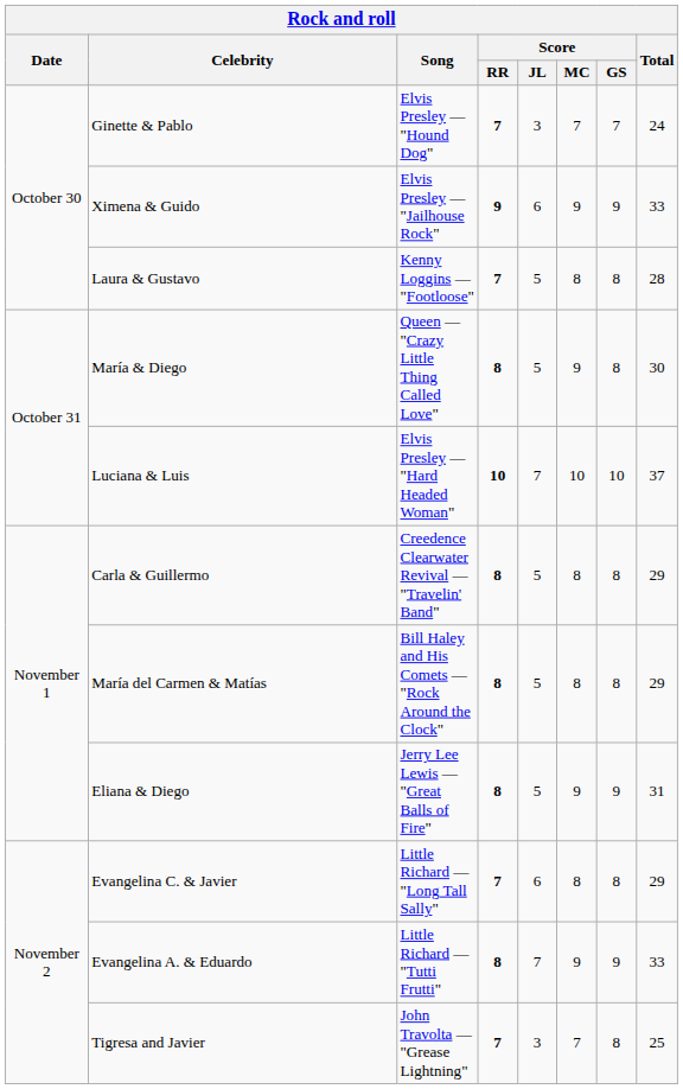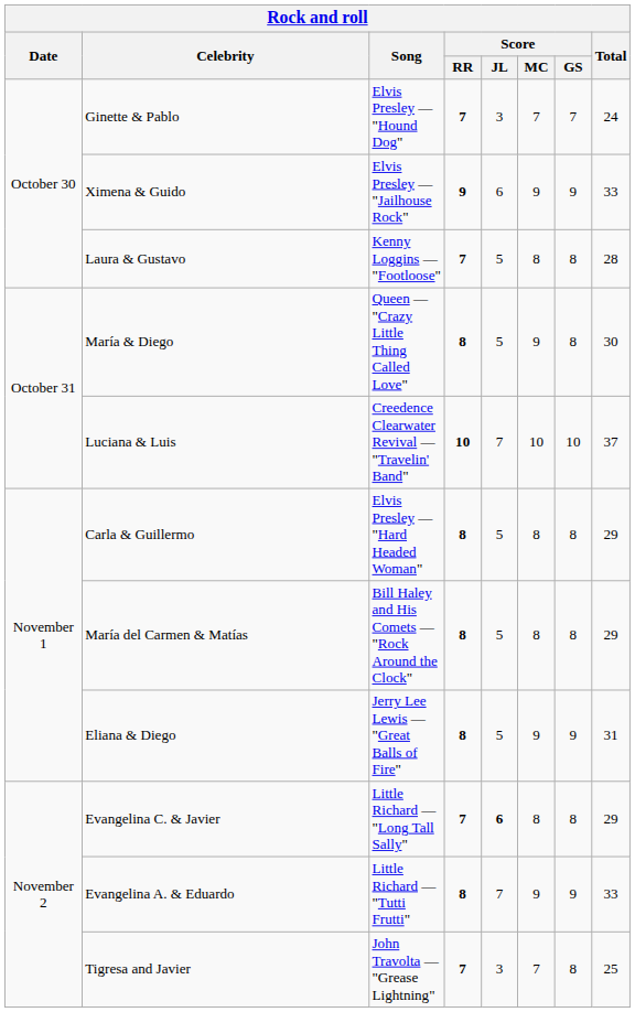 <table class="wikitable collapsible collapsed" style="font-size:90%; text-align: center; width: 100%;">
 <tr>
 <th colspan="11" style="with: 95%;"><big><a href='#'>Rock and roll</a></big></th>
 </tr>
 <tr>
 <th width=70 rowspan="2">Date</th>
 <th width=280 rowspan="2">Celebrity</th>
 <th rowspan="2">Song</th>
 <th colspan="4">Score</th>
 <th rowspan="2">Total</th>
 </tr>
 <tr>
 <th width=30>RR</th>
 <th width=30>JL</th>
 <th width=30>MC</th>
 <th width=30>GS</th>
 </tr>
 <tr>
 <td rowspan="3">October 30</td>
 <td style="text-align:left;">Ginette & Pablo</td>
 <td style="text-align:left;"><a href='#'>Elvis Presley</a> — "<a href='#'>Hound Dog</a>"</td>
 <td><strong>7</strong></td>
 <td>3</td>
 <td>7</td>
 <td>7</td>
 <td>24</td>
 </tr>
 <tr>
 <td style="text-align:left;">Ximena & Guido</td>
 <td style="text-align:left;"><a href='#'>Elvis Presley</a> — "<a href='#'>Jailhouse Rock</a>"</td>
 <td><strong>9</strong></td>
 <td>6</td>
 <td>9</td>
 <td>9</td>
 <td>33</td>
 </tr>
 <tr>
 <td style="text-align:left;">Laura & Gustavo</td>
 <td style="text-align:left;"><a href='#'>Kenny Loggins</a> — "<a href='#'>Footloose</a>"</td>
 <td><strong>7</strong></td>
 <td>5</td>
 <td>8</td>
 <td>8</td>
 <td>28</td>
 </tr>
 <tr>
 <td rowspan="2">October 31</td>
 <td style="text-align:left;">María & Diego</td>
 <td style="text-align:left;"><a href='#'>Queen</a> — "<a href='#'>Crazy Little Thing Called Love</a>"</td>
 <td><strong>8</strong></td>
 <td>5</td>
 <td>9</td>
 <td>8</td>
 <td>30</td>
 </tr>
 <tr>
 <td style="text-align:left;">Luciana & Luis</td>
-<td style="text-align:left;"><a href='#'>Elvis Presley</a> — "<a href='#'>Hard Headed Woman</a>"</td>
+<td style="text-align:left;"><a href='#'>Creedence Clearwater Revival</a> — "<a href='#'>Travelin' Band</a>"</td>
 <td><strong>10</strong></td>
 <td>7</td>
 <td>10</td>
 <td>10</td>
 <td>37</td>
 </tr>
 <tr>
 <td rowspan="3">November 1</td>
 <td style="text-align:left;">Carla & Guillermo</td>
-<td style="text-align:left;"><a href='#'>Creedence Clearwater Revival</a> — "<a href='#'>Travelin' Band</a>"</td>
+<td style="text-align:left;"><a href='#'>Elvis Presley</a> — "<a href='#'>Hard Headed Woman</a>"</td>
 <td><strong>8</strong></td>
 <td>5</td>
 <td>8</td>
 <td>8</td>
 <td>29</td>
 </tr>
 <tr>
 <td style="text-align:left;">María del Carmen & Matías</td>
 <td style="text-align:left;"><a href='#'>Bill Haley and His Comets</a> — "<a href='#'>Rock Around the Clock</a>"</td>
 <td><strong>8</strong></td>
 <td>5</td>
 <td>8</td>
 <td>8</td>
 <td>29</td>
 </tr>
 <tr>
 <td style="text-align:left;">Eliana & Diego</td>
 <td style="text-align:left;"><a href='#'>Jerry Lee Lewis</a> — "<a href='#'>Great Balls of Fire</a>"</td>
 <td><strong>8</strong></td>
 <td>5</td>
 <td>9</td>
 <td>9</td>
 <td>31</td>
 </tr>
 <tr>
 <td rowspan="3">November 2</td>
 <td style="text-align:left;">Evangelina C. & Javier</td>
 <td style="text-align:left;"><a href='#'>Little Richard</a> — "<a href='#'>Long Tall Sally</a>"</td>
 <td><strong>7</strong></td>
-<td>6</td>
+<td><strong>6</strong></td>
 <td>8</td>
 <td>8</td>
 <td>29</td>
 </tr>
 <tr>
 <td style="text-align:left;">Evangelina A. & Eduardo</td>
 <td style="text-align:left;"><a href='#'>Little Richard</a> — "<a href='#'>Tutti Frutti</a>"</td>
 <td><strong>8</strong></td>
 <td>7</td>
 <td>9</td>
 <td>9</td>
 <td>33</td>
 </tr>
 <tr>
 <td style="text-align:left;">Tigresa and Javier</td>
 <td style="text-align:left;"><a href='#'>John Travolta</a> — "Grease Lightning"</td>
 <td><strong>7</strong></td>
 <td>3</td>
 <td>7</td>
 <td>8</td>
 <td>25</td>
 </tr>
 </table>
